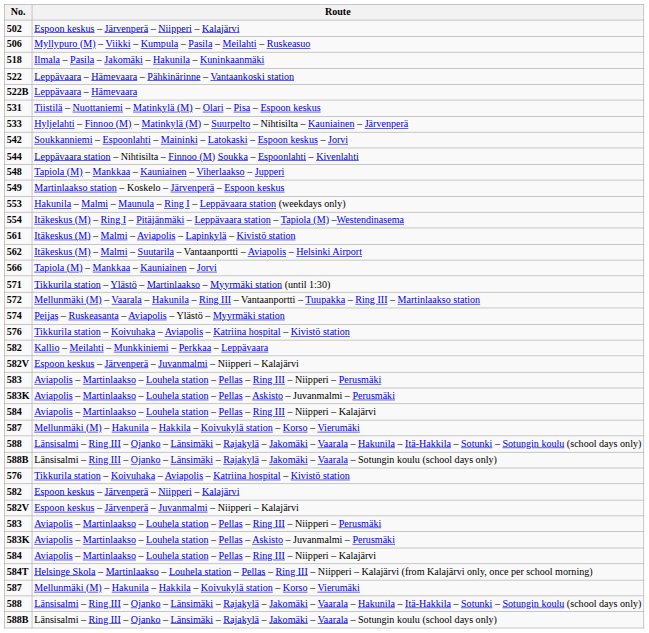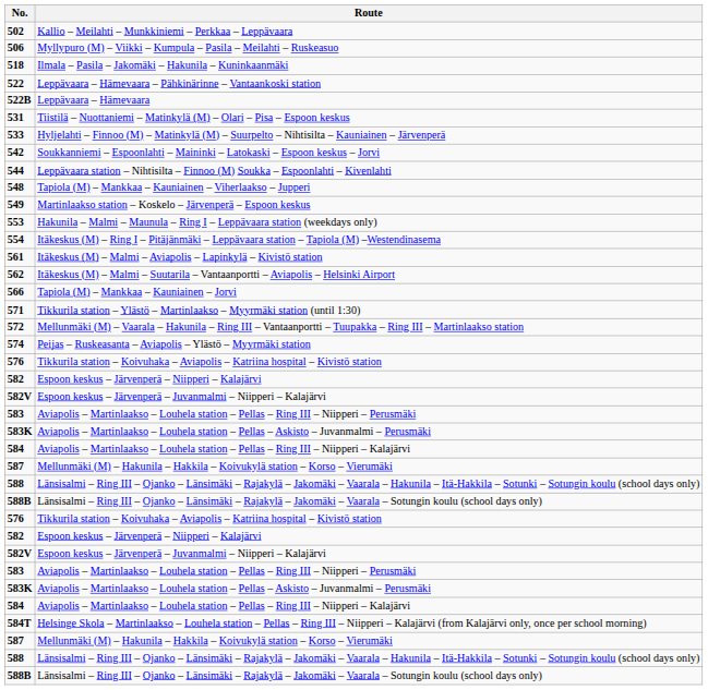 <table class="wikitable mw-collapsible mw-collapsed">
 <tr>
 <th>No.</th>
 <th>Route</th>
 </tr>
 <tr>
 <td><strong>502</strong></td>
-<td><a href='#'>Espoon keskus</a> – <a href='#'>Järvenperä</a> – <a href='#'>Niipperi</a> – <a href='#'>Kalajärvi</a></td>
+<td><a href='#'>Kallio</a> – <a href='#'>Meilahti</a> – <a href='#'>Munkkiniemi</a> – <a href='#'>Perkkaa</a> – <a href='#'>Leppävaara</a></td>
 </tr>
 <tr>
 <td><strong>506</strong></td>
 <td><a href='#'>Myllypuro (M)</a> – <a href='#'>Viikki</a> – <a href='#'>Kumpula</a> – <a href='#'>Pasila</a> – <a href='#'>Meilahti</a> – <a href='#'>Ruskeasuo</a></td>
 </tr>
 <tr>
 <td><strong>518</strong></td>
 <td><a href='#'>Ilmala</a> – <a href='#'>Pasila</a> – <a href='#'>Jakomäki</a> – <a href='#'>Hakunila</a> – <a href='#'>Kuninkaanmäki</a></td>
 </tr>
 <tr>
 <td><strong>522</strong></td>
 <td><a href='#'>Leppävaara</a> – <a href='#'>Hämevaara</a> – <a href='#'>Pähkinärinne</a> – <a href='#'>Vantaankoski station</a></td>
 </tr>
 <tr>
 <td><strong>522B</strong></td>
 <td><a href='#'>Leppävaara</a> – <a href='#'>Hämevaara</a></td>
 </tr>
 <tr>
 <td><strong>531</strong></td>
 <td><a href='#'>Tiistilä</a> – <a href='#'>Nuottaniemi</a> – <a href='#'>Matinkylä (M)</a> – <a href='#'>Olari</a> – <a href='#'>Pisa</a> – <a href='#'>Espoon keskus</a></td>
 </tr>
 <tr>
 <td><strong>533</strong></td>
 <td><a href='#'>Hyljelahti</a> – <a href='#'>Finnoo (M)</a> – <a href='#'>Matinkylä (M)</a> – <a href='#'>Suurpelto</a> – Nihtisilta – <a href='#'>Kauniainen</a> – <a href='#'>Järvenperä</a></td>
 </tr>
 <tr>
 <td><strong>542</strong></td>
 <td><a href='#'>Soukkanniemi</a> – <a href='#'>Espoonlahti</a> – <a href='#'>Maininki</a> – <a href='#'>Latokaski</a> – <a href='#'>Espoon keskus</a> – <a href='#'>Jorvi</a></td>
 </tr>
 <tr>
 <td><strong>544</strong></td>
 <td><a href='#'>Leppävaara station</a> – Nihtisilta – <a href='#'>Finnoo (M)</a> <a href='#'>Soukka</a> – <a href='#'>Espoonlahti</a> – <a href='#'>Kivenlahti</a></td>
 </tr>
 <tr>
 <td><strong>548</strong></td>
 <td><a href='#'>Tapiola (M)</a> – <a href='#'>Mankkaa</a> – <a href='#'>Kauniainen</a> – <a href='#'>Viherlaakso</a> – <a href='#'>Jupperi</a></td>
 </tr>
 <tr>
 <td><strong>549</strong></td>
 <td><a href='#'>Martinlaakso station</a> – Koskelo – <a href='#'>Järvenperä</a> – <a href='#'>Espoon keskus</a></td>
 </tr>
 <tr>
 <td><strong>553</strong></td>
 <td><a href='#'>Hakunila</a> – <a href='#'>Malmi</a> – <a href='#'>Maunula</a> – <a href='#'>Ring I</a> – <a href='#'>Leppävaara station</a> (weekdays only)</td>
 </tr>
 <tr>
 <td><strong>554</strong></td>
 <td><a href='#'>Itäkeskus (M)</a> – <a href='#'>Ring I</a> – <a href='#'>Pitäjänmäki</a>  – <a href='#'>Leppävaara station</a> – <a href='#'>Tapiola (M)</a> –<a href='#'>Westendinasema</a></td>
 </tr>
 <tr>
 <td><strong>561</strong></td>
 <td><a href='#'>Itäkeskus (M)</a> – <a href='#'>Malmi</a> – <a href='#'>Aviapolis</a> – <a href='#'>Lapinkylä</a> – <a href='#'>Kivistö station</a></td>
 </tr>
 <tr>
 <td><strong>562</strong></td>
 <td><a href='#'>Itäkeskus (M)</a> – <a href='#'>Malmi</a> – <a href='#'>Suutarila</a> – Vantaanportti – <a href='#'>Aviapolis</a> – <a href='#'>Helsinki Airport</a></td>
 </tr>
 <tr>
 <td><strong>566</strong></td>
 <td><a href='#'>Tapiola (M)</a> – <a href='#'>Mankkaa</a> – <a href='#'>Kauniainen</a> – <a href='#'>Jorvi</a></td>
 </tr>
 <tr>
 <td><strong>571</strong></td>
 <td><a href='#'>Tikkurila station</a> – <a href='#'>Ylästö</a> – <a href='#'>Martinlaakso</a> – <a href='#'>Myyrmäki station</a> (until 1:30)</td>
 </tr>
 <tr>
 <td><strong>572</strong></td>
 <td><a href='#'>Mellunmäki (M)</a> – <a href='#'>Vaarala</a> – <a href='#'>Hakunila</a> – <a href='#'>Ring III</a> – Vantaanportti – <a href='#'>Tuupakka</a> – <a href='#'>Ring III</a> – <a href='#'>Martinlaakso station</a></td>
 </tr>
 <tr>
 <td><strong>574</strong></td>
 <td><a href='#'>Peijas</a> – <a href='#'>Ruskeasanta</a> – <a href='#'>Aviapolis</a> – Ylästö – <a href='#'>Myyrmäki station</a></td>
 </tr>
 <tr>
 <td><strong>576</strong></td>
 <td><a href='#'>Tikkurila station</a> – <a href='#'>Koivuhaka</a> – <a href='#'>Aviapolis</a> – <a href='#'>Katriina hospital</a> – <a href='#'>Kivistö station</a></td>
 </tr>
 <tr>
 <td><strong>582</strong></td>
-<td><a href='#'>Kallio</a> – <a href='#'>Meilahti</a> – <a href='#'>Munkkiniemi</a> – <a href='#'>Perkkaa</a> – <a href='#'>Leppävaara</a></td>
+<td><a href='#'>Espoon keskus</a> – <a href='#'>Järvenperä</a> – <a href='#'>Niipperi</a> – <a href='#'>Kalajärvi</a></td>
 </tr>
 <tr>
 <td><strong>582V</strong></td>
 <td><a href='#'>Espoon keskus</a> – <a href='#'>Järvenperä</a> – <a href='#'>Juvanmalmi</a> – Niipperi – Kalajärvi</td>
 </tr>
 <tr>
 <td><strong>583</strong></td>
 <td><a href='#'>Aviapolis</a> – <a href='#'>Martinlaakso</a> – <a href='#'>Louhela station</a> – <a href='#'>Pellas</a> – <a href='#'>Ring III</a> – Niipperi – <a href='#'>Perusmäki</a></td>
 </tr>
 <tr>
 <td><strong>583K</strong></td>
 <td><a href='#'>Aviapolis</a> – <a href='#'>Martinlaakso</a> – <a href='#'>Louhela station</a> – <a href='#'>Pellas</a> – <a href='#'>Askisto</a> – Juvanmalmi – <a href='#'>Perusmäki</a></td>
 </tr>
 <tr>
 <td><strong>584</strong></td>
 <td><a href='#'>Aviapolis</a> – <a href='#'>Martinlaakso</a> – <a href='#'>Louhela station</a> – <a href='#'>Pellas</a> – <a href='#'>Ring III</a> – Niipperi – Kalajärvi</td>
 </tr>
 <tr>
 <td><strong>587</strong></td>
 <td><a href='#'>Mellunmäki (M)</a> – <a href='#'>Hakunila</a> – <a href='#'>Hakkila</a> – <a href='#'>Koivukylä station</a> – <a href='#'>Korso</a> – <a href='#'>Vierumäki</a></td>
 </tr>
 <tr>
 <td><strong>588</strong></td>
 <td><a href='#'>Länsisalmi</a> – <a href='#'>Ring III</a> – <a href='#'>Ojanko</a> – <a href='#'>Länsimäki</a> – <a href='#'>Rajakylä</a> – <a href='#'>Jakomäki</a> – <a href='#'>Vaarala</a> – <a href='#'>Hakunila</a> – <a href='#'>Itä-Hakkila</a> – <a href='#'>Sotunki</a> – <a href='#'>Sotungin koulu</a> (school days only)</td>
 </tr>
 <tr>
 <td><strong>588B</strong></td>
 <td>Länsisalmi – <a href='#'>Ring III</a> – <a href='#'>Ojanko</a> – <a href='#'>Länsimäki</a> – <a href='#'>Rajakylä</a> – <a href='#'>Jakomäki</a> – <a href='#'>Vaarala</a> – Sotungin koulu (school days only)</td>
 </tr>
 <tr>
 <td><strong>576</strong></td>
 <td><a href='#'>Tikkurila station</a> – <a href='#'>Koivuhaka</a> – <a href='#'>Aviapolis</a> – <a href='#'>Katriina hospital</a> – <a href='#'>Kivistö station</a></td>
 </tr>
 <tr>
 <td><strong>582</strong></td>
 <td><a href='#'>Espoon keskus</a> – <a href='#'>Järvenperä</a> – <a href='#'>Niipperi</a> – <a href='#'>Kalajärvi</a></td>
 </tr>
 <tr>
 <td><strong>582V</strong></td>
 <td><a href='#'>Espoon keskus</a> – <a href='#'>Järvenperä</a> – <a href='#'>Juvanmalmi</a> – Niipperi – Kalajärvi</td>
 </tr>
 <tr>
 <td><strong>583</strong></td>
 <td><a href='#'>Aviapolis</a> – <a href='#'>Martinlaakso</a> – <a href='#'>Louhela station</a> – <a href='#'>Pellas</a> – <a href='#'>Ring III</a> – Niipperi – <a href='#'>Perusmäki</a></td>
 </tr>
 <tr>
 <td><strong>583K</strong></td>
 <td><a href='#'>Aviapolis</a> – <a href='#'>Martinlaakso</a> – <a href='#'>Louhela station</a> – <a href='#'>Pellas</a> – <a href='#'>Askisto</a> – Juvanmalmi – <a href='#'>Perusmäki</a></td>
 </tr>
 <tr>
 <td><strong>584</strong></td>
 <td><a href='#'>Aviapolis</a> – <a href='#'>Martinlaakso</a> – <a href='#'>Louhela station</a> – <a href='#'>Pellas</a> – <a href='#'>Ring III</a> – Niipperi – Kalajärvi</td>
 </tr>
 <tr>
 <td><strong>584T</strong></td>
 <td><a href='#'>Helsinge Skola</a> – <a href='#'>Martinlaakso</a> – <a href='#'>Louhela station</a> – <a href='#'>Pellas</a> – <a href='#'>Ring III</a> – Niipperi – Kalajärvi (from Kalajärvi only, once per school morning)</td>
 </tr>
 <tr>
 <td><strong>587</strong></td>
 <td><a href='#'>Mellunmäki (M)</a> – <a href='#'>Hakunila</a> – <a href='#'>Hakkila</a> – <a href='#'>Koivukylä station</a> – <a href='#'>Korso</a> – <a href='#'>Vierumäki</a></td>
 </tr>
 <tr>
 <td><strong>588</strong></td>
 <td><a href='#'>Länsisalmi</a> – <a href='#'>Ring III</a> – <a href='#'>Ojanko</a> – <a href='#'>Länsimäki</a> – <a href='#'>Rajakylä</a> – <a href='#'>Jakomäki</a> – <a href='#'>Vaarala</a> – <a href='#'>Hakunila</a> – <a href='#'>Itä-Hakkila</a> – <a href='#'>Sotunki</a> – <a href='#'>Sotungin koulu</a> (school days only)</td>
 </tr>
 <tr>
 <td><strong>588B</strong></td>
 <td>Länsisalmi – <a href='#'>Ring III</a> – <a href='#'>Ojanko</a> – <a href='#'>Länsimäki</a> – <a href='#'>Rajakylä</a> – <a href='#'>Jakomäki</a> – <a href='#'>Vaarala</a> – Sotungin koulu (school days only)</td>
 </tr>
 </table>
